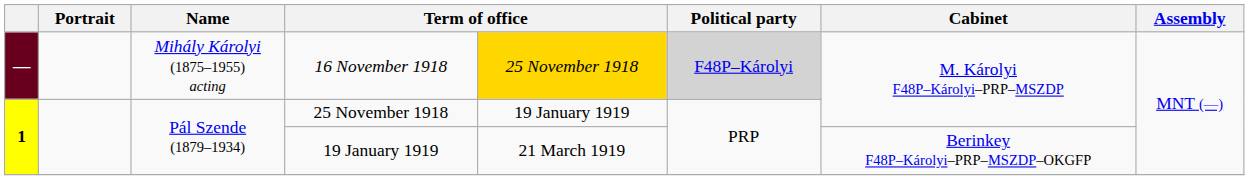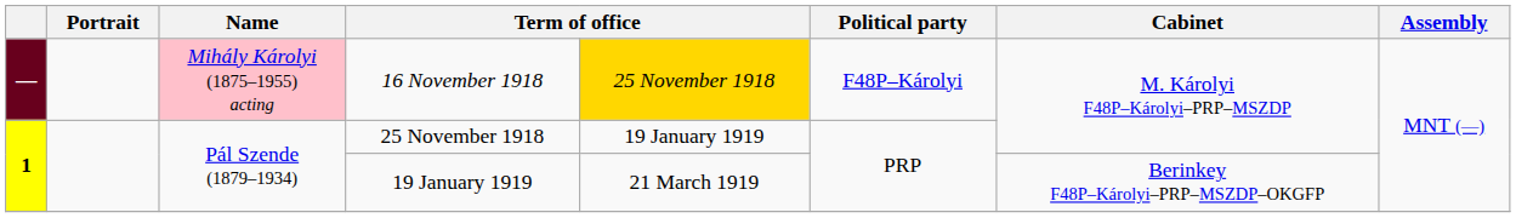 <table class="wikitable" style="width:90%; text-align:center;">
 <tr>
 <th></th>
 <th>Portrait</th>
 <th>Name<br></th>
 <th colspan=2>Term of office</th>
 <th>Political party</th>
 <th>Cabinet</th>
 <th><a href='#'>Assembly</a><br></th>
 </tr>
 <tr>
 <th style="background-color:#68001D; color:white">—</th>
 <td></td>
-<td><em><a href='#'>Mihály Károlyi</a></em><br><small>(1875–1955)<br><em>acting</em></small></td>
+<td style="background: pink;"><em><a href='#'>Mihály Károlyi</a></em><br><small>(1875–1955)<br><em>acting</em></small></td>
 <td><em>16 November 1918</em></td>
 <td style="background: gold;"><em>25 November 1918</em></td>
-<td style="background: lightgrey;"><a href='#'>F48P–Károlyi</a></td>
+<td><a href='#'>F48P–Károlyi</a></td>
 <td rowspan="2"><a href='#'>M. Károlyi</a><br><small><a href='#'>F48P–Károlyi</a>–PRP–<a href='#'>MSZDP</a></small></td>
 <td rowspan="3"><a href='#'>MNT <small>(—)</small></a></td>
 </tr>
 <tr>
 <th rowspan="2" style="background-color:#FFFF00; color:black">1</th>
 <td rowspan="2"></td>
 <td rowspan="2"><a href='#'>Pál Szende</a><br><small>(1879–1934)</small></td>
 <td>25 November 1918</td>
 <td>19 January 1919</td>
 <td rowspan="2">PRP</td>
 </tr>
 <tr>
 <td>19 January 1919</td>
 <td>21 March 1919</td>
 <td><a href='#'>Berinkey</a><br><small><a href='#'>F48P–Károlyi</a>–PRP–<a href='#'>MSZDP</a>–OKGFP</small></td>
 </tr>
 <tr>
 </tr>
 </table>
